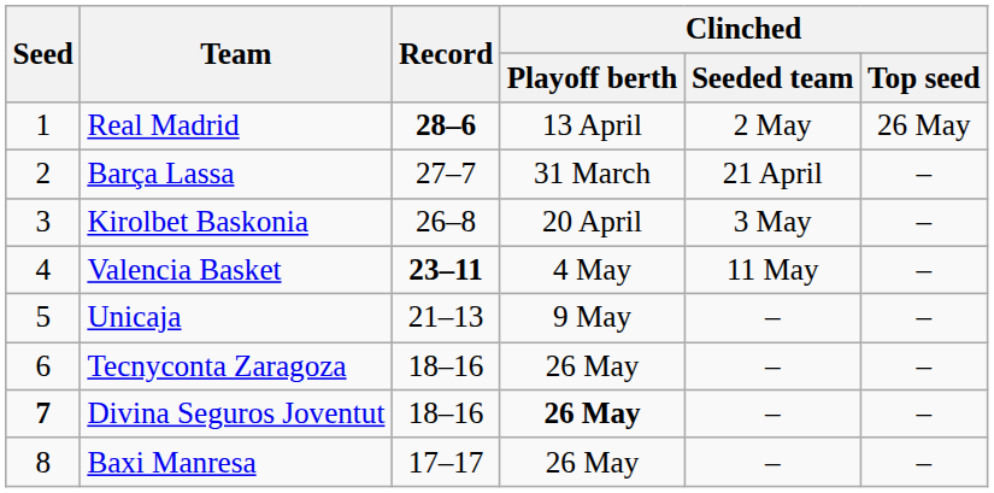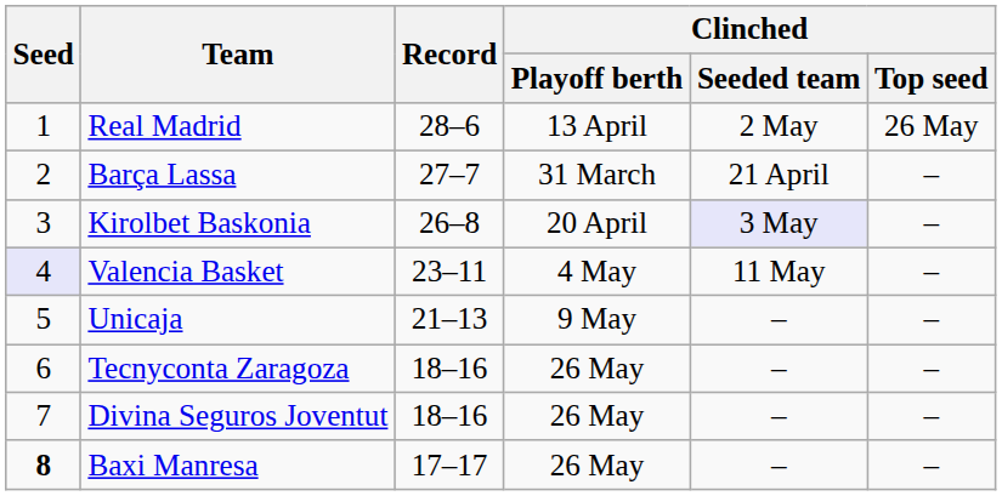 <table class="wikitable" style="text-align:center">
 <tr>
 <th rowspan=2>Seed</th>
 <th rowspan=2>Team</th>
 <th rowspan=2>Record</th>
 <th colspan=4>Clinched</th>
 </tr>
 <tr>
 <th>Playoff berth</th>
 <th>Seeded team</th>
 <th>Top seed</th>
 </tr>
 <tr>
 <td>1</td>
 <td align=left><a href='#'>Real Madrid</a></td>
-<td><strong>28–6</strong></td>
+<td>28–6</td>
 <td>13 April</td>
 <td>2 May</td>
 <td>26 May</td>
 </tr>
 <tr>
 <td>2</td>
 <td align=left><a href='#'>Barça Lassa</a></td>
 <td>27–7</td>
 <td>31 March</td>
 <td>21 April</td>
 <td>–</td>
 </tr>
 <tr>
 <td>3</td>
 <td align=left><a href='#'>Kirolbet Baskonia</a></td>
 <td>26–8</td>
 <td>20 April</td>
-<td>3 May</td>
+<td style="background: lavender;">3 May</td>
 <td>–</td>
 </tr>
 <tr>
-<td>4</td>
+<td style="background: lavender;">4</td>
 <td align=left><a href='#'>Valencia Basket</a></td>
-<td><strong>23–11</strong></td>
+<td>23–11</td>
 <td>4 May</td>
 <td>11 May</td>
 <td>–</td>
 </tr>
 <tr>
 <td>5</td>
 <td align=left><a href='#'>Unicaja</a></td>
 <td>21–13</td>
 <td>9 May</td>
 <td>–</td>
 <td>–</td>
 </tr>
 <tr>
 <td>6</td>
 <td align=left><a href='#'>Tecnyconta Zaragoza</a></td>
 <td>18–16</td>
 <td>26 May</td>
 <td>–</td>
 <td>–</td>
 </tr>
 <tr>
-<td><strong>7</strong></td>
+<td>7</td>
 <td align=left><a href='#'>Divina Seguros Joventut</a></td>
 <td>18–16</td>
-<td><strong>26 May</strong></td>
+<td>26 May</td>
 <td>–</td>
 <td>–</td>
 </tr>
 <tr>
-<td>8</td>
+<td><strong>8</strong></td>
 <td align=left><a href='#'>Baxi Manresa</a></td>
 <td>17–17</td>
 <td>26 May</td>
 <td>–</td>
 <td>–</td>
 </tr>
 </table>
